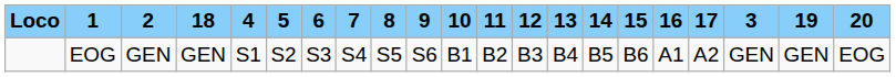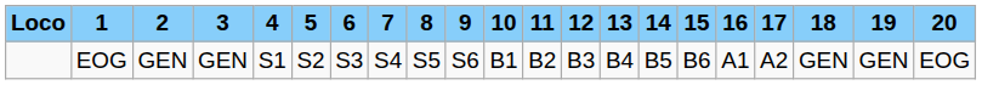 <table class="wikitable plainrowheaders unsortable" style="text-align:center">
 <tr>
 <th scope="col" rowspan="1" style="background:lightskyblue;">Loco</th>
 <th scope="col" rowspan="1" style="background:lightskyblue;">1</th>
 <th scope="col" rowspan="1" style="background:lightskyblue;">2</th>
-<th scope="col" rowspan="1" style="background:lightskyblue;">18</th>
+<th scope="col" rowspan="1" style="background:lightskyblue;">3</th>
 <th scope="col" rowspan="1" style="background:lightskyblue;">4</th>
 <th scope="col" rowspan="1" style="background:lightskyblue;">5</th>
 <th scope="col" rowspan="1" style="background:lightskyblue;">6</th>
 <th scope="col" rowspan="1" style="background:lightskyblue;">7</th>
 <th scope="col" rowspan="1" style="background:lightskyblue;">8</th>
 <th scope="col" rowspan="1" style="background:lightskyblue;">9</th>
 <th scope="col" rowspan="1" style="background:lightskyblue;">10</th>
 <th scope="col" rowspan="1" style="background:lightskyblue;">11</th>
 <th scope="col" rowspan="1" style="background:lightskyblue;">12</th>
 <th scope="col" rowspan="1" style="background:lightskyblue;">13</th>
 <th scope="col" rowspan="1" style="background:lightskyblue;">14</th>
 <th scope="col" rowspan="1" style="background:lightskyblue;">15</th>
 <th scope="col" rowspan="1" style="background:lightskyblue;">16</th>
 <th scope="col" rowspan="1" style="background:lightskyblue;">17</th>
-<th scope="col" rowspan="1" style="background:lightskyblue;">3</th>
+<th scope="col" rowspan="1" style="background:lightskyblue;">18</th>
 <th scope="col" rowspan="1" style="background:lightskyblue;">19</th>
 <th scope="col" rowspan="1" style="background:lightskyblue;">20</th>
 </tr>
 <tr>
 <td></td>
 <td>EOG</td>
 <td>GEN</td>
 <td>GEN</td>
 <td>S1</td>
 <td>S2</td>
 <td>S3</td>
 <td>S4</td>
 <td>S5</td>
 <td>S6</td>
 <td>B1</td>
 <td>B2</td>
 <td>B3</td>
 <td>B4</td>
 <td>B5</td>
 <td>B6</td>
 <td>A1</td>
 <td>A2</td>
 <td>GEN</td>
 <td>GEN</td>
 <td>EOG</td>
 </tr>
 </table>
